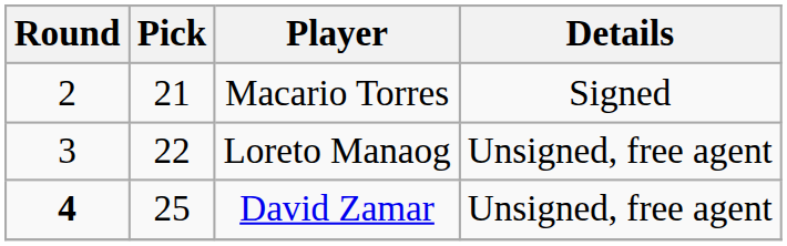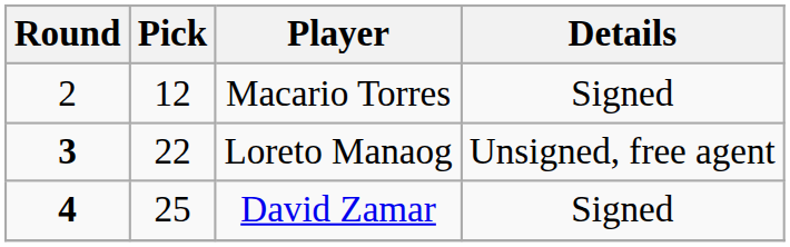 <table class="wikitable sortable sortable">
 <tr>
 <th>Round</th>
 <th>Pick</th>
 <th>Player</th>
 <th>Details</th>
 </tr>
 <tr style="text-align: center">
 <td>2</td>
-<td>21</td>
+<td>12</td>
 <td>Macario Torres</td>
 <td>Signed</td>
 </tr>
 <tr style="text-align: center">
-<td>3</td>
+<td><strong>3</strong></td>
 <td>22</td>
 <td>Loreto Manaog</td>
 <td>Unsigned, free agent</td>
 </tr>
 <tr style="text-align: center">
 <td><strong>4</strong></td>
 <td>25</td>
 <td><a href='#'>David Zamar</a></td>
-<td>Unsigned, free agent</td>
+<td>Signed</td>
 </tr>
 <tr>
 </tr>
 </table>
